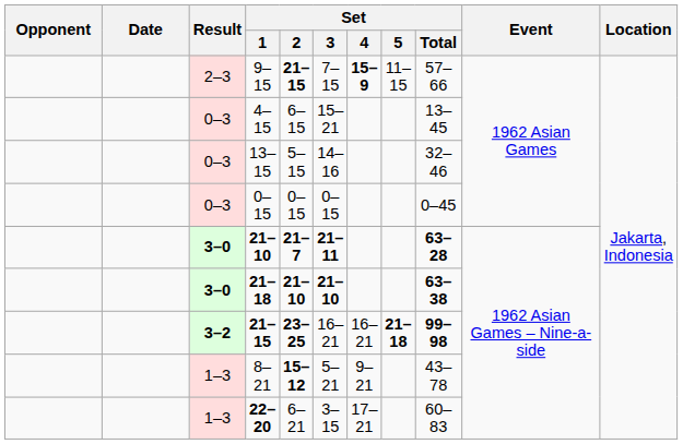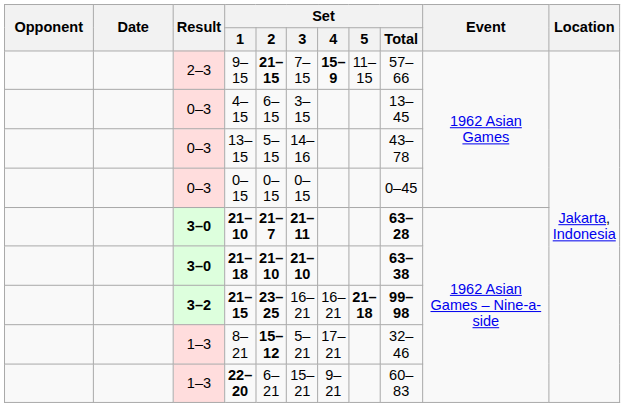 <table class="wikitable" style="font-size: 90%">
 <tr>
 <th rowspan=2 width=15%>Opponent</th>
 <th rowspan=2 width=15%>Date</th>
 <th rowspan=2 width=5%>Result</th>
 <th colspan=6>Set</th>
 <th rowspan=2 width=24%>Event</th>
 <th rowspan=2 width=16%>Location</th>
 </tr>
 <tr>
 <th width=5%>1</th>
 <th width=5%>2</th>
 <th width=5%>3</th>
 <th width=5%>4</th>
 <th width=5%>5</th>
 <th width=7%>Total</th>
 </tr>
 <tr style="text-align:center;">
 <td style="text-align:left;"></td>
 <td></td>
 <td style="background:#ffdddd;">2–3</td>
 <td>9–15</td>
 <td><strong>21–15</strong></td>
 <td>7–15</td>
 <td><strong>15–9</strong></td>
 <td>11–15</td>
 <td>57–66</td>
 <td rowspan=4><a href='#'>1962 Asian Games</a></td>
 <td rowspan=9><a href='#'>Jakarta</a>, <a href='#'>Indonesia</a></td>
 </tr>
 <tr style="text-align:center;">
 <td style="text-align:left;"></td>
 <td></td>
 <td style="background:#ffdddd;">0–3</td>
 <td>4–15</td>
 <td>6–15</td>
-<td>15–21</td>
+<td>3–15</td>
 <td></td>
 <td></td>
 <td>13–45</td>
 </tr>
 <tr style="text-align:center;">
 <td style="text-align:left;"></td>
 <td></td>
 <td style="background:#ffdddd;">0–3</td>
 <td>13–15</td>
 <td>5–15</td>
 <td>14–16</td>
 <td></td>
 <td></td>
-<td>32–46</td>
+<td>43–78</td>
 </tr>
 <tr style="text-align:center;">
 <td style="text-align:left;"></td>
 <td></td>
 <td style="background:#ffdddd;">0–3</td>
 <td>0–15</td>
 <td>0–15</td>
 <td>0–15</td>
 <td></td>
 <td></td>
 <td>0–45</td>
 </tr>
 <tr style="text-align:center;">
 <td style="text-align:left;"></td>
 <td></td>
 <td style="background:#ddffdd;"><strong>3–0</strong></td>
 <td><strong>21–10</strong></td>
 <td><strong>21–7</strong></td>
 <td><strong>21–11</strong></td>
 <td></td>
 <td></td>
 <td><strong>63–28</strong></td>
 <td rowspan=5><a href='#'>1962 Asian Games – Nine-a-side</a></td>
 </tr>
 <tr style="text-align:center;">
 <td style="text-align:left;"></td>
 <td></td>
 <td style="background:#ddffdd;"><strong>3–0</strong></td>
 <td><strong>21–18</strong></td>
 <td><strong>21–10</strong></td>
 <td><strong>21–10</strong></td>
 <td></td>
 <td></td>
 <td><strong>63–38</strong></td>
 </tr>
 <tr style="text-align:center;">
 <td style="text-align:left;"></td>
 <td></td>
 <td style="background:#ddffdd;"><strong>3–2</strong></td>
 <td><strong>21–15</strong></td>
 <td><strong>23–25</strong></td>
 <td>16–21</td>
 <td>16–21</td>
 <td><strong>21–18</strong></td>
 <td><strong>99–98</strong></td>
 </tr>
 <tr style="text-align:center;">
 <td style="text-align:left;"></td>
 <td></td>
 <td style="background:#ffdddd;">1–3</td>
 <td>8–21</td>
 <td><strong>15–12</strong></td>
 <td>5–21</td>
-<td>9–21</td>
+<td>17–21</td>
 <td></td>
-<td>43–78</td>
+<td>32–46</td>
 </tr>
 <tr style="text-align:center;">
 <td style="text-align:left;"></td>
 <td></td>
 <td style="background:#ffdddd;">1–3</td>
 <td><strong>22–20</strong></td>
 <td>6–21</td>
-<td>3–15</td>
-<td>17–21</td>
+<td>15–21</td>
+<td>9–21</td>
 <td></td>
 <td>60–83</td>
 </tr>
 </table>
